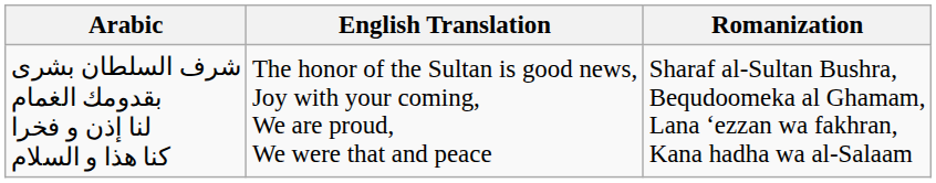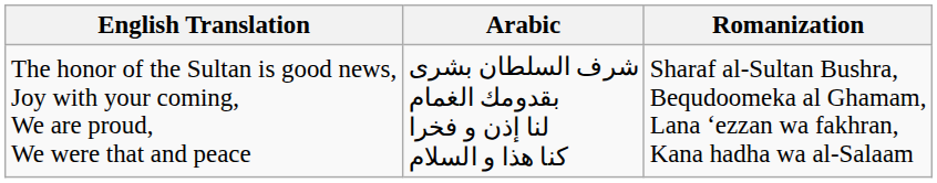 <table class="wikitable">
 <tr>
+<th>English Translation</th>
 <th>Arabic</th>
-<th>English Translation</th>
 <th>Romanization</th>
 </tr>
 <tr>
+<td>The honor of the Sultan is good news,<br>Joy with your coming,<br>We are proud,<br>We were that and peace</td>
 <td><div>شرف السلطان بشرى<br>بقدومك الغمام<br>لنا إذن و فخرا<br>كنا هذا و السلام</div></td>
-<td>The honor of the Sultan is good news,<br>Joy with your coming,<br>We are proud,<br>We were that and peace</td>
 <td>Sharaf al-Sultan Bushra,<br>Bequdoomeka al Ghamam,<br>Lana ‘ezzan wa fakhran,<br>Kana hadha wa al-Salaam</td>
 </tr>
 </table>
